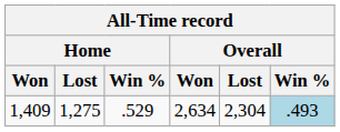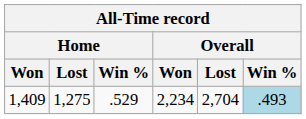 <table class="wikitable toccolours collapsible collapsed" style="font-size: 95%; text-align:center;">
 <tr>
 <th colspan="6">All-Time record</th>
 </tr>
 <tr>
 <th ! colspan="3">Home</th>
 <th colspan="3">Overall</th>
 </tr>
 <tr>
 <th>Won</th>
 <th>Lost</th>
 <th>Win %</th>
 <th>Won</th>
 <th>Lost</th>
 <th>Win %</th>
 </tr>
 <tr>
 <td>1,409</td>
 <td>1,275</td>
 <td>.529</td>
-<td>2,634</td>
-<td>2,304</td>
+<td>2,234</td>
+<td>2,704</td>
 <td style="background: lightblue;">.493</td>
 </tr>
 </table>
